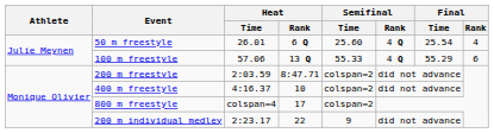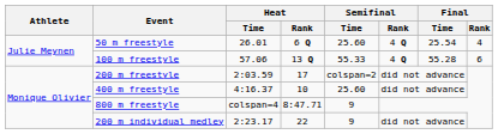 <table class=wikitable style="font-size:90%">
 <tr>
 <th rowspan=2>Athlete</th>
 <th rowspan=2>Event</th>
 <th colspan="2">Heat</th>
 <th colspan="2">Semifinal</th>
 <th colspan="2">Final</th>
 </tr>
 <tr style="font-size:95%">
 <th>Time</th>
 <th>Rank</th>
 <th>Time</th>
 <th>Rank</th>
 <th>Time</th>
 <th>Rank</th>
 </tr>
 <tr align=center>
 <td align=left rowspan=2><a href='#'>Julie Meynen</a></td>
 <td align=left><a href='#'>50 m freestyle</a></td>
 <td>26.01</td>
 <td>6 <strong>Q</strong></td>
 <td>25.60</td>
 <td>4 <strong>Q</strong></td>
 <td>25.54</td>
 <td>4</td>
 </tr>
 <tr align=center>
 <td align=left><a href='#'>100 m freestyle</a></td>
 <td>57.06</td>
 <td>13 <strong>Q</strong></td>
 <td>55.33</td>
 <td>4 <strong>Q</strong></td>
-<td>55.29</td>
+<td>55.28</td>
 <td>6</td>
 </tr>
 <tr align=center>
 <td align=left rowspan=4><a href='#'>Monique Olivier</a></td>
 <td align=left><a href='#'>200 m freestyle</a></td>
 <td>2:03.59</td>
-<td>8:47.71</td>
+<td>17</td>
 <td>colspan=2 </td>
 <td colspan=2>did not advance</td>
 </tr>
 <tr align=center>
 <td align=left><a href='#'>400 m freestyle</a></td>
 <td>4:16.37</td>
 <td>10</td>
-<td>colspan=2 </td>
+<td>25.60</td>
 <td colspan=2>did not advance</td>
 </tr>
 <tr align=center>
 <td align=left><a href='#'>800 m freestyle</a></td>
 <td>colspan=4 </td>
-<td>17</td>
-<td>colspan=2 </td>
+<td>8:47.71</td>
+<td>9</td>
 </tr>
 <tr align=center>
 <td align=left><a href='#'>200 m individual medley</a></td>
 <td>2:23.17</td>
 <td>22</td>
 <td>9</td>
 <td colspan=2>did not advance</td>
 </tr>
 </table>
